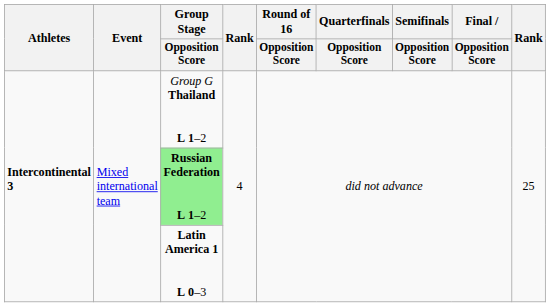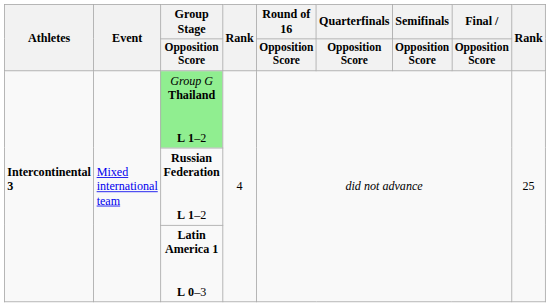 <table class=wikitable style="font-size:90%">
 <tr>
 <th rowspan="2">Athletes</th>
 <th rowspan="2">Event</th>
 <th>Group Stage</th>
 <th rowspan="2">Rank</th>
 <th>Round of 16</th>
 <th>Quarterfinals</th>
 <th>Semifinals</th>
 <th>Final / </th>
 <th rowspan=2>Rank</th>
 </tr>
 <tr style="font-size:95%">
 <th>Opposition<br>Score</th>
 <th>Opposition<br>Score</th>
 <th>Opposition<br>Score</th>
 <th>Opposition<br>Score</th>
 <th>Opposition<br>Score</th>
 </tr>
 <tr align=center>
 <td align=left rowspan=3><strong>Intercontinental 3</strong><br><br></td>
 <td align=left rowspan=3><a href='#'>Mixed international team</a></td>
-<td><em>Group G</em><br><strong>Thailand</strong><br><br> <br><strong>L</strong> <strong>1</strong>–2</td>
+<td style="background: lightgreen;"><em>Group G</em><br><strong>Thailand</strong><br><br> <br><strong>L</strong> <strong>1</strong>–2</td>
 <td rowspan=3>4</td>
 <td rowspan=3 colspan=4><em>did not advance</em></td>
 <td rowspan=3>25</td>
 </tr>
 <tr align=center>
-<td style="background: lightgreen;"><strong>Russian Federation</strong><br><br> <br><strong>L</strong> <strong>1</strong>–2</td>
+<td><strong>Russian Federation</strong><br><br> <br><strong>L</strong> <strong>1</strong>–2</td>
 </tr>
 <tr align=center>
 <td><strong>Latin America 1</strong><br><br> <br><strong>L</strong> <strong>0</strong>–3</td>
 </tr>
 </table>
